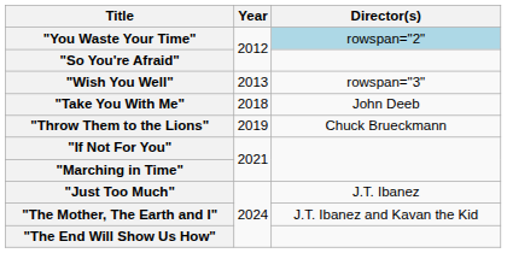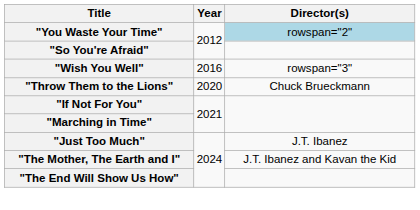 <table class="wikitable plainrowheaders" style="text-align:center;">
 <tr>
 <th scope="col" style="width:16em;">Title</th>
 <th scope="col">Year</th>
 <th scope="col" style="width:16em;">Director(s)</th>
 </tr>
 <tr>
 <th scope="row">"You Waste Your Time"</th>
 <td rowspan="2">2012</td>
 <td style="background: lightblue;">rowspan="2" </td>
 </tr>
 <tr>
 <th scope="row">"So You're Afraid"</th>
 </tr>
 <tr>
 <th scope="row">"Wish You Well"</th>
-<td>2013</td>
+<td>2016</td>
 <td>rowspan="3" </td>
 </tr>
 <tr>
-<th scope="row">"Take You With Me"</th>
-<td>2018</td>
-<td>John Deeb</td>
-</tr>
-<tr>
 <th scope="row">"Throw Them to the Lions"</th>
-<td>2019</td>
+<td>2020</td>
 <td>Chuck Brueckmann</td>
 </tr>
 <tr>
 <th scope="row">"If Not For You"</th>
 <td rowspan="2">2021</td>
 </tr>
 <tr>
 <th scope="row">"Marching in Time"</th>
 </tr>
 <tr>
 <th scope="row">"Just Too Much"</th>
 <td rowspan="3">2024</td>
 <td>J.T. Ibanez</td>
 </tr>
 <tr>
 <th scope="row">"The Mother, The Earth and I"</th>
 <td>J.T. Ibanez and Kavan the Kid</td>
 </tr>
 <tr>
 <th scope="row">"The End Will Show Us How"</th>
 <td></td>
 </tr>
 </table>
